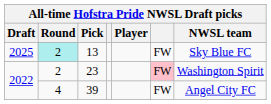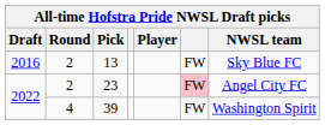 <table class="wikitable sortable" style="text-align: center;">
 <tr>
 <th colspan="7" style="background:#">All-time <a href='#'><span>Hofstra Pride</span></a> NWSL Draft picks</th>
 </tr>
 <tr>
 <th scope="col">Draft</th>
 <th scope="col">Round</th>
 <th scope="col">Pick</th>
 <th scope="col"></th>
 <th scope="col">Player</th>
 <th scope="col"></th>
 <th scope="col">NWSL team</th>
 </tr>
 <tr>
-<td><a href='#'>2025</a></td>
-<td style="background: paleturquoise;">2</td>
+<td><a href='#'>2016</a></td>
+<td>2</td>
 <td>13</td>
 <td></td>
 <td></td>
 <td>FW</td>
 <td><a href='#'>Sky Blue FC</a></td>
 </tr>
 <tr>
 <td rowspan="2"><a href='#'>2022</a></td>
 <td>2</td>
 <td>23</td>
 <td></td>
 <td></td>
 <td style="background: pink;">FW</td>
-<td><a href='#'>Washington Spirit</a></td>
+<td><a href='#'>Angel City FC</a></td>
 </tr>
 <tr>
 <td>4</td>
 <td>39</td>
 <td></td>
 <td></td>
 <td>FW</td>
-<td><a href='#'>Angel City FC</a></td>
+<td><a href='#'>Washington Spirit</a></td>
 </tr>
 </table>
